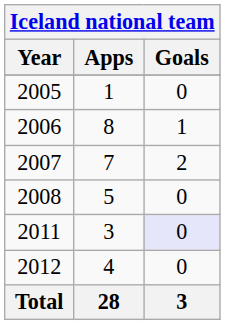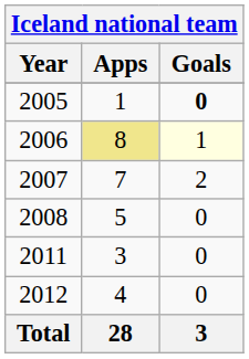 <table class="wikitable" style="text-align:center">
 <tr>
 <th colspan=3><a href='#'>Iceland national team</a></th>
 </tr>
 <tr>
 <th>Year</th>
 <th>Apps</th>
 <th>Goals</th>
 </tr>
 <tr>
 </tr>
 <tr>
 <td>2005</td>
 <td>1</td>
-<td>0</td>
+<td><strong>0</strong></td>
 </tr>
 <tr>
 <td>2006</td>
-<td>8</td>
-<td>1</td>
+<td style="background: khaki;">8</td>
+<td style="background: lightyellow;">1</td>
 </tr>
 <tr>
 <td>2007</td>
 <td>7</td>
 <td>2</td>
 </tr>
 <tr>
 <td>2008</td>
 <td>5</td>
 <td>0</td>
 </tr>
 <tr>
 <td>2011</td>
 <td>3</td>
-<td style="background: lavender;">0</td>
+<td>0</td>
 </tr>
 <tr>
 <td>2012</td>
 <td>4</td>
 <td>0</td>
 </tr>
 <tr>
 <th>Total</th>
 <th>28</th>
 <th>3</th>
 </tr>
 </table>
